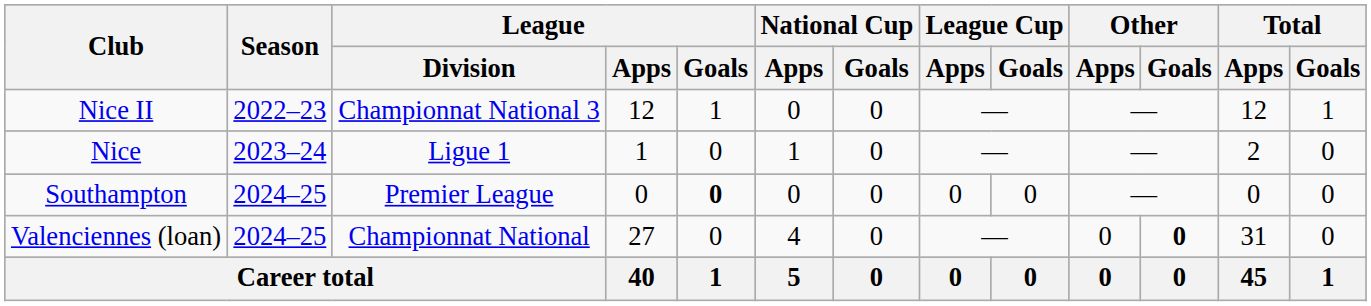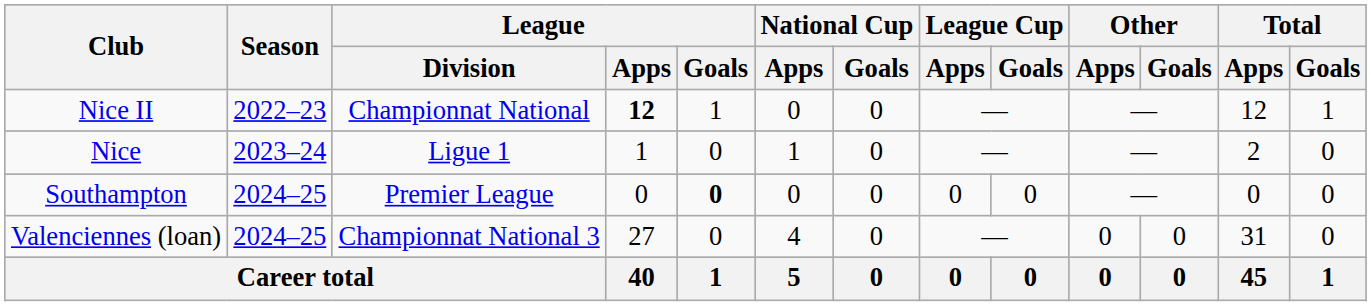 <table class=wikitable style=text-align:center>
 <tr>
 <th rowspan=2>Club</th>
 <th rowspan=2>Season</th>
 <th colspan=3>League</th>
 <th colspan=2>National Cup</th>
 <th colspan=2>League Cup</th>
 <th colspan=2>Other</th>
 <th colspan=2>Total</th>
 </tr>
 <tr>
 <th>Division</th>
 <th>Apps</th>
 <th>Goals</th>
 <th>Apps</th>
 <th>Goals</th>
 <th>Apps</th>
 <th>Goals</th>
 <th>Apps</th>
 <th>Goals</th>
 <th>Apps</th>
 <th>Goals</th>
 </tr>
 <tr>
 <td><a href='#'>Nice II</a></td>
 <td><a href='#'>2022–23</a></td>
-<td><a href='#'>Championnat National 3</a></td>
-<td>12</td>
+<td><a href='#'>Championnat National</a></td>
+<td><strong>12</strong></td>
 <td>1</td>
 <td>0</td>
 <td>0</td>
 <td colspan="2">—</td>
 <td colspan="2">—</td>
 <td>12</td>
 <td>1</td>
 </tr>
 <tr>
 <td><a href='#'>Nice</a></td>
 <td><a href='#'>2023–24</a></td>
 <td><a href='#'>Ligue 1</a></td>
 <td>1</td>
 <td>0</td>
 <td>1</td>
 <td>0</td>
 <td colspan="2">—</td>
 <td colspan="2">—</td>
 <td>2</td>
 <td>0</td>
 </tr>
 <tr>
 <td><a href='#'>Southampton</a></td>
 <td><a href='#'>2024–25</a></td>
 <td><a href='#'>Premier League</a></td>
 <td>0</td>
 <td><strong>0</strong></td>
 <td>0</td>
 <td>0</td>
 <td>0</td>
 <td>0</td>
 <td colspan="2">—</td>
 <td>0</td>
 <td>0</td>
 </tr>
 <tr>
 <td><a href='#'>Valenciennes</a> (loan)</td>
 <td><a href='#'>2024–25</a></td>
-<td><a href='#'>Championnat National</a></td>
+<td><a href='#'>Championnat National 3</a></td>
 <td>27</td>
 <td>0</td>
 <td>4</td>
 <td>0</td>
 <td colspan="2">—</td>
 <td>0</td>
-<td><strong>0</strong></td>
+<td>0</td>
 <td>31</td>
 <td>0</td>
 </tr>
 <tr>
 <th colspan="3">Career total</th>
 <th>40</th>
 <th>1</th>
 <th>5</th>
 <th>0</th>
 <th>0</th>
 <th>0</th>
 <th>0</th>
 <th>0</th>
 <th>45</th>
 <th>1</th>
 </tr>
 </table>
